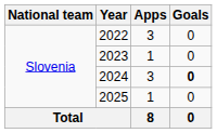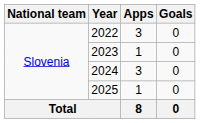 <table class="wikitable" style="text-align:center">
 <tr>
 <th>National team</th>
 <th>Year</th>
 <th>Apps</th>
 <th>Goals</th>
 </tr>
 <tr>
 <td rowspan="4"><a href='#'>Slovenia</a></td>
 <td>2022</td>
 <td>3</td>
 <td>0</td>
 </tr>
 <tr>
 <td>2023</td>
 <td>1</td>
 <td>0</td>
 </tr>
 <tr>
 <td>2024</td>
 <td>3</td>
-<td><strong>0</strong></td>
+<td>0</td>
 </tr>
 <tr>
 <td>2025</td>
 <td>1</td>
 <td>0</td>
 </tr>
 <tr>
 <th colspan="2">Total</th>
 <th>8</th>
 <th>0</th>
 </tr>
 </table>
